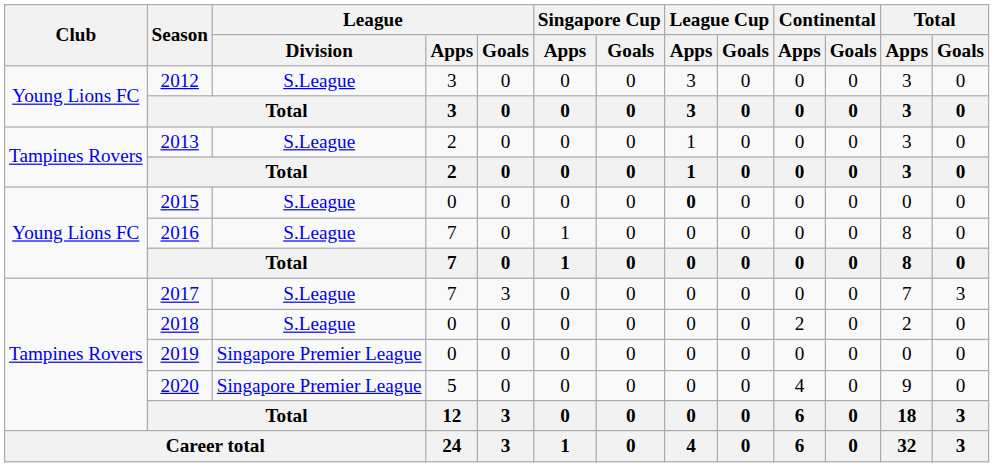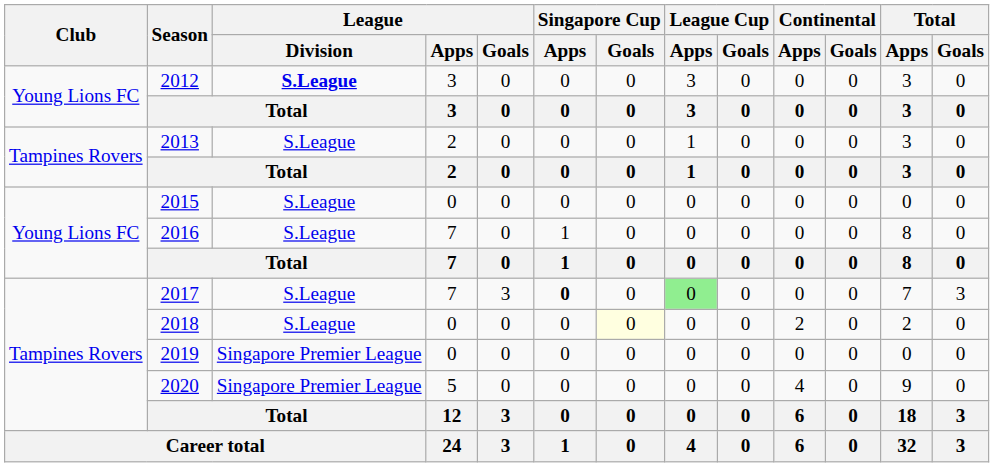 <table class="wikitable" style="text-align: center">
 <tr>
 <th rowspan="2">Club</th>
 <th rowspan="2">Season</th>
 <th colspan="3">League</th>
 <th colspan="2">Singapore Cup</th>
 <th colspan="2">League Cup</th>
 <th colspan="2">Continental</th>
 <th colspan="2">Total</th>
 </tr>
 <tr>
 <th>Division</th>
 <th>Apps</th>
 <th>Goals</th>
 <th>Apps</th>
 <th>Goals</th>
 <th>Apps</th>
 <th>Goals</th>
 <th>Apps</th>
 <th>Goals</th>
 <th>Apps</th>
 <th>Goals</th>
 </tr>
 <tr>
 <td rowspan="2"><a href='#'>Young Lions FC</a></td>
 <td><a href='#'>2012</a></td>
-<td><a href='#'>S.League</a></td>
+<td><strong><a href='#'>S.League</a></strong></td>
 <td>3</td>
 <td>0</td>
 <td>0</td>
 <td>0</td>
 <td>3</td>
 <td>0</td>
 <td>0</td>
 <td>0</td>
 <td>3</td>
 <td>0</td>
 </tr>
 <tr>
 <th colspan=2>Total</th>
 <th>3</th>
 <th>0</th>
 <th>0</th>
 <th>0</th>
 <th>3</th>
 <th>0</th>
 <th>0</th>
 <th>0</th>
 <th>3</th>
 <th>0</th>
 </tr>
 <tr>
 <td rowspan="2"><a href='#'>Tampines Rovers</a></td>
 <td><a href='#'>2013</a></td>
 <td><a href='#'>S.League</a></td>
 <td>2</td>
 <td>0</td>
 <td>0</td>
 <td>0</td>
 <td>1</td>
 <td>0</td>
 <td>0</td>
 <td>0</td>
 <td>3</td>
 <td>0</td>
 </tr>
 <tr>
 <th colspan="2">Total</th>
 <th>2</th>
 <th>0</th>
 <th>0</th>
 <th>0</th>
 <th>1</th>
 <th>0</th>
 <th>0</th>
 <th>0</th>
 <th>3</th>
 <th>0</th>
 </tr>
 <tr>
 <td rowspan="3"><a href='#'>Young Lions FC</a></td>
 <td><a href='#'>2015</a></td>
 <td><a href='#'>S.League</a></td>
 <td>0</td>
 <td>0</td>
 <td>0</td>
 <td>0</td>
-<td><strong>0</strong></td>
+<td>0</td>
 <td>0</td>
 <td>0</td>
 <td>0</td>
 <td>0</td>
 <td>0</td>
 </tr>
 <tr>
 <td><a href='#'>2016</a></td>
 <td><a href='#'>S.League</a></td>
 <td>7</td>
 <td>0</td>
 <td>1</td>
 <td>0</td>
 <td>0</td>
 <td>0</td>
 <td>0</td>
 <td>0</td>
 <td>8</td>
 <td>0</td>
 </tr>
 <tr>
 <th colspan=2>Total</th>
 <th>7</th>
 <th>0</th>
 <th>1</th>
 <th>0</th>
 <th>0</th>
 <th>0</th>
 <th>0</th>
 <th>0</th>
 <th>8</th>
 <th>0</th>
 </tr>
 <tr>
 <td rowspan="5"><a href='#'>Tampines Rovers</a></td>
 <td><a href='#'>2017</a></td>
 <td><a href='#'>S.League</a></td>
 <td>7</td>
 <td>3</td>
+<td><strong>0</strong></td>
 <td>0</td>
-<td>0</td>
-<td>0</td>
+<td style="background: lightgreen;">0</td>
 <td>0</td>
 <td>0</td>
 <td>0</td>
 <td>7</td>
 <td>3</td>
 </tr>
 <tr>
 <td><a href='#'>2018</a></td>
 <td><a href='#'>S.League</a></td>
 <td>0</td>
 <td>0</td>
 <td>0</td>
-<td>0</td>
+<td style="background: lightyellow;">0</td>
 <td>0</td>
 <td>0</td>
 <td>2</td>
 <td>0</td>
 <td>2</td>
 <td>0</td>
 </tr>
 <tr>
 <td><a href='#'>2019</a></td>
 <td><a href='#'>Singapore Premier League</a></td>
 <td>0</td>
 <td>0</td>
 <td>0</td>
 <td>0</td>
 <td>0</td>
 <td>0</td>
 <td>0</td>
 <td>0</td>
 <td>0</td>
 <td>0</td>
 </tr>
 <tr>
 <td><a href='#'>2020</a></td>
 <td><a href='#'>Singapore Premier League</a></td>
 <td>5</td>
 <td>0</td>
 <td>0</td>
 <td>0</td>
 <td>0</td>
 <td>0</td>
 <td>4</td>
 <td>0</td>
 <td>9</td>
 <td>0</td>
 </tr>
 <tr>
 <th colspan=2>Total</th>
 <th>12</th>
 <th>3</th>
 <th>0</th>
 <th>0</th>
 <th>0</th>
 <th>0</th>
 <th>6</th>
 <th>0</th>
 <th>18</th>
 <th>3</th>
 </tr>
 <tr>
 <th colspan=3>Career total</th>
 <th>24</th>
 <th>3</th>
 <th>1</th>
 <th>0</th>
 <th>4</th>
 <th>0</th>
 <th>6</th>
 <th>0</th>
 <th>32</th>
 <th>3</th>
 </tr>
 </table>
